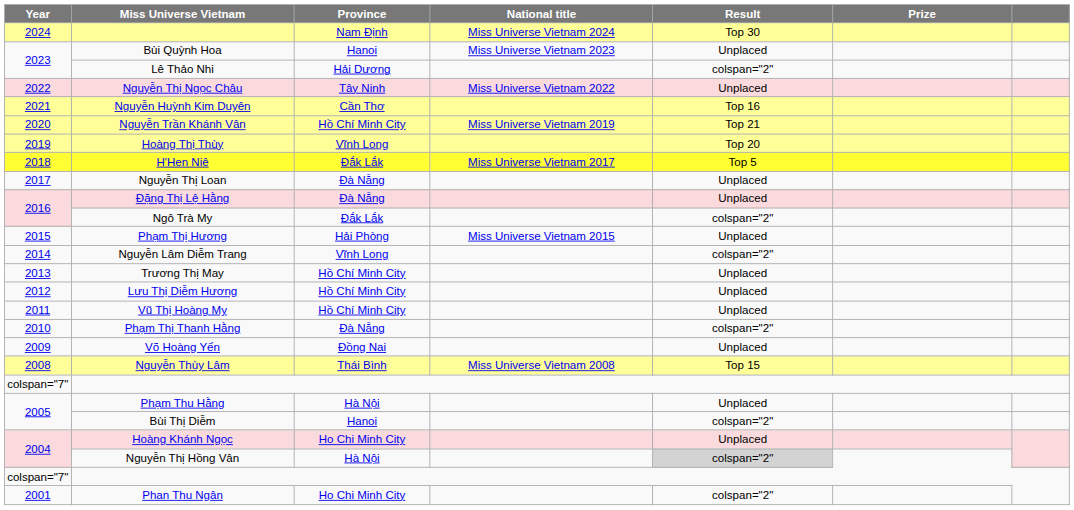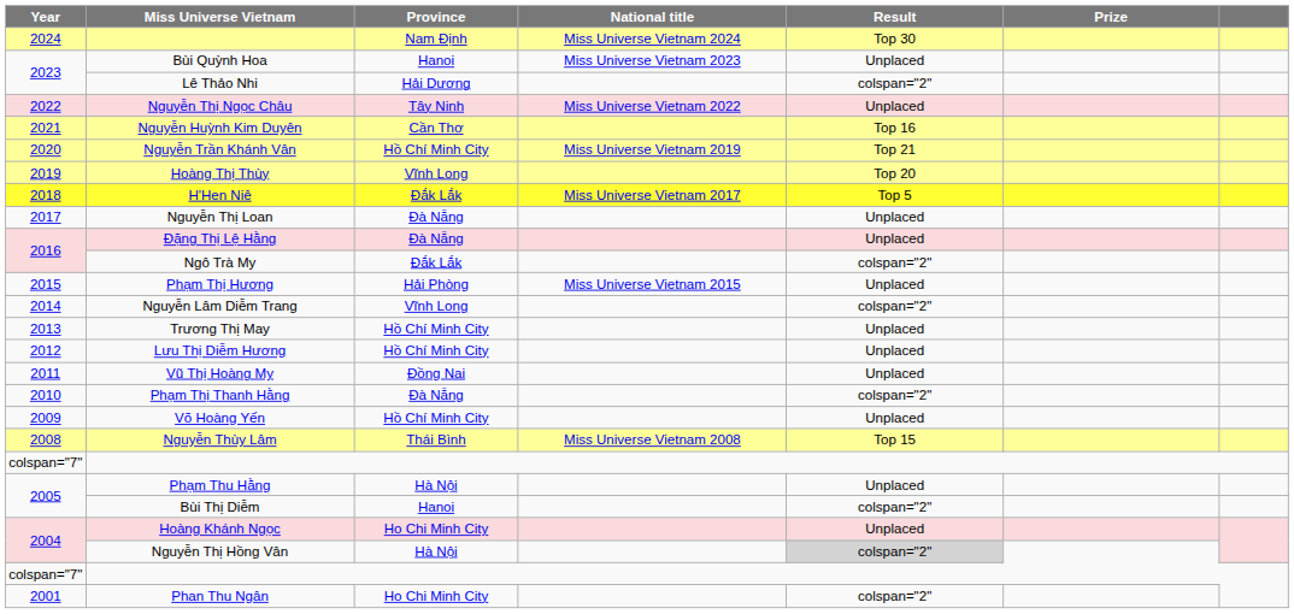 <table class="wikitable sortable" style="font-size: 83%; text-align:center">
 <tr bgcolor="#787878" colspan=10 align="center">
 <th width="60" style="background-color:#787878;color:#FFFFFF;"><span><strong>Year</strong></span></th>
 <th width="250" style="background-color:#787878;color:#FFFFFF;"><span><strong>Miss Universe Vietnam</strong></span></th>
 <th width="150" style="background-color:#787878;color:#FFFFFF;"><span><strong>Province</strong></span></th>
 <th width="250" style="background-color:#787878;color:#FFFFFF;"><span><strong>National title</strong></span></th>
 <th width="200" style="background-color:#787878;color:#FFFFFF;"><span><strong>Result</strong></span></th>
 <th width="200" style="background-color:#787878;color:#FFFFFF;"><span><strong>Prize</strong></span></th>
 <th width="60" style="background-color:#787878;color:#FFFFFF;"><span><strong></strong></span></th>
 </tr>
 <tr style="background-color:#FFFF99;">
 <td><a href='#'>2024</a></td>
 <td></td>
 <td><a href='#'>Nam Định</a></td>
 <td><a href='#'>Miss Universe Vietnam 2024</a></td>
 <td>Top 30</td>
 <td style="background:;"></td>
 <td></td>
 </tr>
 <tr>
 <td rowspan="2"><a href='#'>2023</a></td>
 <td>Bùi Quỳnh Hoa</td>
 <td><a href='#'>Hanoi</a></td>
 <td><a href='#'>Miss Universe Vietnam 2023</a></td>
 <td>Unplaced</td>
 <td></td>
 <td></td>
 </tr>
 <tr>
 <td>Lê Thảo Nhi</td>
 <td><a href='#'>Hải Dương</a></td>
 <td></td>
 <td>colspan="2" </td>
 <td></td>
 </tr>
 <tr style="background-color:#FADADD;">
 <td><a href='#'>2022</a></td>
 <td><a href='#'>Nguyễn Thị Ngọc Châu</a></td>
 <td><a href='#'>Tây Ninh</a></td>
 <td><a href='#'>Miss Universe Vietnam 2022</a></td>
 <td>Unplaced</td>
 <td style="background:;"></td>
 <td></td>
 </tr>
 <tr style="background-color:#FFFF99;">
 <td><a href='#'>2021</a></td>
 <td><a href='#'>Nguyễn Huỳnh Kim Duyên</a></td>
 <td><a href='#'>Cần Thơ</a></td>
 <td></td>
 <td>Top 16</td>
 <td style="background:;"></td>
 <td></td>
 </tr>
 <tr style="background-color:#FFFF99;">
 <td><a href='#'>2020</a></td>
 <td><a href='#'>Nguyễn Trần Khánh Vân</a></td>
 <td><a href='#'>Hồ Chí Minh City</a></td>
 <td><a href='#'>Miss Universe Vietnam 2019</a></td>
 <td>Top 21</td>
 <td style="background:;"></td>
 <td></td>
 </tr>
 <tr style="background-color:#FFFF99;">
 <td><a href='#'>2019</a></td>
 <td><a href='#'>Hoàng Thị Thùy</a></td>
 <td><a href='#'>Vĩnh Long</a></td>
 <td></td>
 <td>Top 20</td>
 <td></td>
 <td></td>
 </tr>
 <tr style="background-color:#FFFF33;">
 <td><a href='#'>2018</a></td>
 <td><a href='#'>H'Hen Niê</a></td>
 <td><a href='#'>Đắk Lắk</a></td>
 <td><a href='#'>Miss Universe Vietnam 2017</a></td>
 <td>Top 5</td>
 <td></td>
 <td></td>
 </tr>
 <tr>
 <td><a href='#'>2017</a></td>
 <td>Nguyễn Thị Loan</td>
 <td><a href='#'>Đà Nẵng</a></td>
 <td></td>
 <td>Unplaced</td>
 <td></td>
 <td></td>
 </tr>
 <tr style="background-color:#FADADD;">
 <td rowspan="2"><a href='#'>2016</a></td>
 <td><a href='#'>Đặng Thị Lệ Hằng</a></td>
 <td><a href='#'>Đà Nẵng</a></td>
 <td></td>
 <td>Unplaced</td>
 <td style="background:;"></td>
 <td></td>
 </tr>
 <tr>
 <td>Ngô Trà My</td>
 <td><a href='#'>Đắk Lắk</a></td>
 <td></td>
 <td>colspan="2" </td>
 <td></td>
 </tr>
 <tr>
 <td><a href='#'>2015</a></td>
 <td><a href='#'>Phạm Thị Hương</a></td>
 <td><a href='#'>Hải Phòng</a></td>
 <td><a href='#'>Miss Universe Vietnam 2015</a></td>
 <td>Unplaced</td>
 <td></td>
 <td></td>
 </tr>
 <tr>
 <td><a href='#'>2014</a></td>
 <td>Nguyễn Lâm Diễm Trang</td>
 <td><a href='#'>Vĩnh Long</a></td>
 <td></td>
 <td>colspan="2" </td>
 <td></td>
 </tr>
 <tr>
 <td><a href='#'>2013</a></td>
 <td>Trương Thị May</td>
 <td><a href='#'>Hồ Chí Minh City</a></td>
 <td></td>
 <td>Unplaced</td>
 <td></td>
 <td></td>
 </tr>
 <tr>
 <td><a href='#'>2012</a></td>
 <td><a href='#'>Lưu Thị Diễm Hương</a></td>
 <td><a href='#'>Hồ Chí Minh City</a></td>
 <td></td>
 <td>Unplaced</td>
 <td></td>
 <td></td>
 </tr>
 <tr>
 <td><a href='#'>2011</a></td>
 <td><a href='#'>Vũ Thị Hoàng My</a></td>
-<td><a href='#'>Hồ Chí Minh City</a></td>
+<td><a href='#'>Đồng Nai</a></td>
 <td></td>
 <td>Unplaced</td>
 <td></td>
 <td></td>
 </tr>
 <tr>
 <td><a href='#'>2010</a></td>
 <td><a href='#'>Phạm Thị Thanh Hằng</a></td>
 <td><a href='#'>Đà Nẵng</a></td>
 <td></td>
 <td>colspan="2" </td>
 <td></td>
 </tr>
 <tr>
 <td><a href='#'>2009</a></td>
 <td><a href='#'>Võ Hoàng Yến</a></td>
-<td><a href='#'>Đồng Nai</a></td>
+<td><a href='#'>Hồ Chí Minh City</a></td>
 <td></td>
 <td>Unplaced</td>
 <td></td>
 <td></td>
 </tr>
 <tr style="background-color:#FFFF99;">
 <td><a href='#'>2008</a></td>
 <td><a href='#'>Nguyễn Thùy Lâm</a></td>
 <td><a href='#'>Thái Bình</a></td>
 <td><a href='#'>Miss Universe Vietnam 2008</a></td>
 <td>Top 15</td>
 <td style="background:;"></td>
 <td></td>
 </tr>
 <tr>
 <td>colspan="7" </td>
 </tr>
 <tr>
 <td rowspan="2"><a href='#'>2005</a></td>
 <td><a href='#'>Phạm Thu Hằng</a></td>
 <td><a href='#'>Hà Nội</a></td>
 <td></td>
 <td>Unplaced</td>
 <td></td>
 <td></td>
 </tr>
 <tr>
 <td>Bùi Thị Diễm</td>
 <td><a href='#'>Hanoi</a></td>
 <td></td>
 <td>colspan="2" </td>
 <td></td>
 </tr>
 <tr style="background-color:#FADADD;">
 <td rowspan="2"><a href='#'>2004</a></td>
 <td><a href='#'>Hoàng Khánh Ngọc</a></td>
 <td><a href='#'>Ho Chi Minh City</a></td>
 <td></td>
 <td>Unplaced</td>
 <td style="background:;"></td>
 <td rowspan="2"></td>
 </tr>
 <tr>
 <td>Nguyễn Thị Hồng Vân</td>
 <td><a href='#'>Hà Nội</a></td>
 <td></td>
 <td style="background: lightgrey;">colspan="2" </td>
 </tr>
 <tr>
 <td>colspan="7" </td>
 </tr>
 <tr>
 <td><a href='#'>2001</a></td>
 <td><a href='#'>Phan Thu Ngân</a></td>
 <td><a href='#'>Ho Chi Minh City</a></td>
 <td></td>
 <td>colspan="2" </td>
 <td></td>
 </tr>
 </table>
